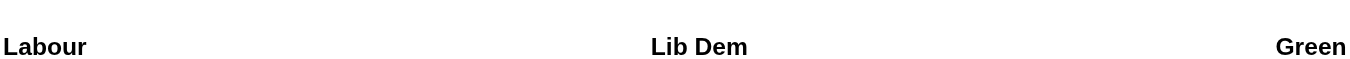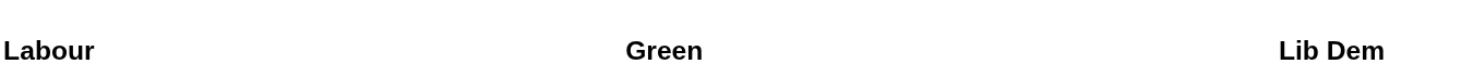 <table style="width:60%; text-align:center;">
 <tr style="color:white;">
 <td style="background:"><strong>21</strong></td>
+<td style="background:"><strong>15</strong></td>
 <td style="background:"><strong>3</strong></td>
-<td style="background:"><strong>15</strong></td>
 </tr>
 <tr>
 <td><span><strong>Labour</strong></span></td>
+<td><span><strong>Green</strong></span></td>
 <td><span><strong>Lib Dem</strong></span></td>
-<td><span><strong>Green</strong></span></td>
 </tr>
 </table>
